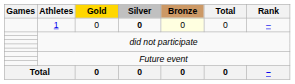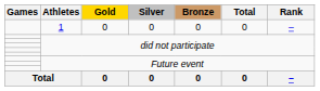 <table class="wikitable" style="text-align:center; font-size:90%;">
 <tr>
 <th>Games</th>
 <th>Athletes</th>
 <td style="background:gold; width:4.5em; font-weight:bold;">Gold</td>
 <td style="background:silver; width:4.5em; font-weight:bold;">Silver</td>
 <td style="background:#cc9966; width:4.5em; font-weight:bold;">Bronze</td>
 <th style="width:4.5em; font-weight:bold;">Total</th>
 <th style="width:4.5em; font-weight:bold;">Rank</th>
 </tr>
 <tr>
 <td align=left></td>
 <td><a href='#'>1</a></td>
 <td>0</td>
-<td><strong>0</strong></td>
-<td style="background: lightyellow;">0</td>
+<td>0</td>
+<td>0</td>
 <td>0</td>
 <td><a href='#'>–</a></td>
 </tr>
 <tr>
 <td align=left></td>
 <td colspan=6; rowspan=5><em>did not participate</em></td>
 </tr>
 <tr>
 <td align=left></td>
 </tr>
 <tr>
 <td align=left></td>
 </tr>
 <tr>
 <td align=left></td>
 </tr>
 <tr>
 <td align=left></td>
 </tr>
 <tr>
 <td align=left></td>
 <td colspan=8 rowspan=3><em>Future event</em></td>
 </tr>
 <tr>
 <td align=left></td>
 </tr>
 <tr>
 <td align=left></td>
 </tr>
 <tr>
 <th colspan=2>Total</th>
 <th>0</th>
 <th>0</th>
 <th>0</th>
 <th>0</th>
 <th><a href='#'>–</a></th>
 </tr>
 </table>
